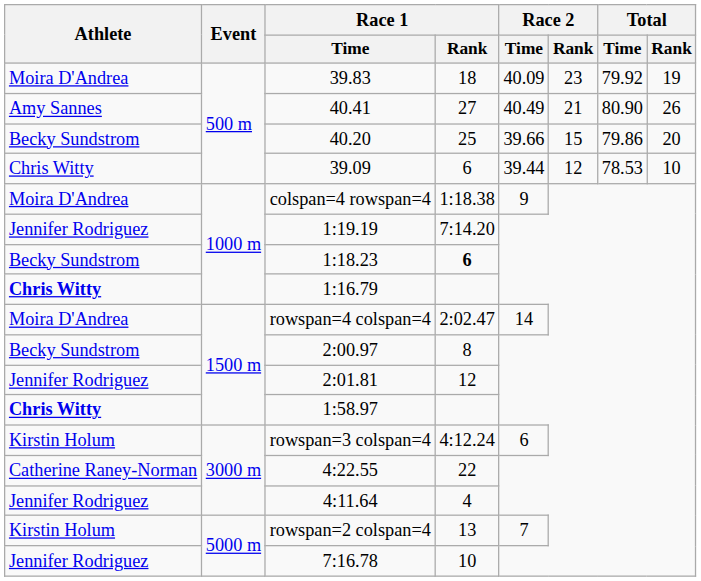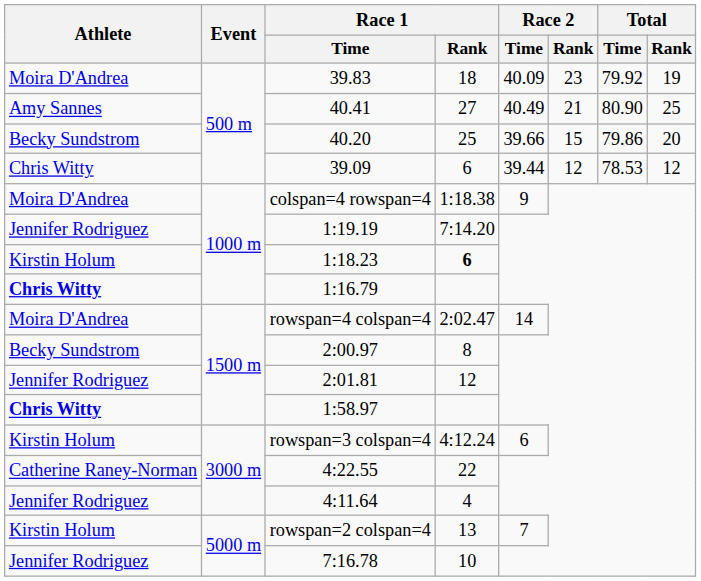 <table class=wikitable style=font-size:90%;text-align:center>
 <tr>
 <th rowspan=2>Athlete</th>
 <th rowspan=2>Event</th>
 <th colspan=2>Race 1</th>
 <th colspan=2>Race 2</th>
 <th colspan=2>Total</th>
 </tr>
 <tr style=font-size:95%>
 <th>Time</th>
 <th>Rank</th>
 <th>Time</th>
 <th>Rank</th>
 <th>Time</th>
 <th>Rank</th>
 </tr>
 <tr>
 <td align=left><a href='#'>Moira D'Andrea</a></td>
 <td rowspan=4 align=left><a href='#'>500 m</a></td>
 <td>39.83</td>
 <td>18</td>
 <td>40.09</td>
 <td>23</td>
 <td>79.92</td>
 <td>19</td>
 </tr>
 <tr>
 <td align=left><a href='#'>Amy Sannes</a></td>
 <td>40.41</td>
 <td>27</td>
 <td>40.49</td>
 <td>21</td>
 <td>80.90</td>
-<td>26</td>
+<td>25</td>
 </tr>
 <tr>
 <td align=left><a href='#'>Becky Sundstrom</a></td>
 <td>40.20</td>
 <td>25</td>
 <td>39.66</td>
 <td>15</td>
 <td>79.86</td>
 <td>20</td>
 </tr>
 <tr>
 <td align=left><a href='#'>Chris Witty</a></td>
 <td>39.09</td>
 <td>6</td>
 <td>39.44</td>
 <td>12</td>
 <td>78.53</td>
-<td>10</td>
+<td>12</td>
 </tr>
 <tr>
 <td align=left><a href='#'>Moira D'Andrea</a></td>
 <td align=left rowspan=4><a href='#'>1000 m</a></td>
 <td>colspan=4 rowspan=4 </td>
 <td>1:18.38</td>
 <td>9</td>
 </tr>
 <tr>
 <td align=left><a href='#'>Jennifer Rodriguez</a></td>
 <td>1:19.19</td>
 <td>7:14.20</td>
 </tr>
 <tr>
-<td align=left><a href='#'>Becky Sundstrom</a></td>
+<td align=left><a href='#'>Kirstin Holum</a></td>
 <td>1:18.23</td>
 <td><strong>6</strong></td>
 </tr>
 <tr>
 <td align=left><strong><a href='#'>Chris Witty</a></strong></td>
 <td>1:16.79</td>
 <td></td>
 </tr>
 <tr>
 <td align=left><a href='#'>Moira D'Andrea</a></td>
 <td align=left rowspan=4><a href='#'>1500 m</a></td>
 <td>rowspan=4 colspan=4 </td>
 <td>2:02.47</td>
 <td>14</td>
 </tr>
 <tr>
 <td align=left><a href='#'>Becky Sundstrom</a></td>
 <td>2:00.97</td>
 <td>8</td>
 </tr>
 <tr>
 <td align=left><a href='#'>Jennifer Rodriguez</a></td>
 <td>2:01.81</td>
 <td>12</td>
 </tr>
 <tr>
 <td align=left><strong><a href='#'>Chris Witty</a></strong></td>
 <td>1:58.97</td>
 <td></td>
 </tr>
 <tr>
 <td align=left><a href='#'>Kirstin Holum</a></td>
 <td align=left rowspan=3><a href='#'>3000 m</a></td>
 <td>rowspan=3 colspan=4 </td>
 <td>4:12.24</td>
 <td>6</td>
 </tr>
 <tr>
 <td align=left><a href='#'>Catherine Raney-Norman</a></td>
 <td>4:22.55</td>
 <td>22</td>
 </tr>
 <tr>
 <td align=left><a href='#'>Jennifer Rodriguez</a></td>
 <td>4:11.64</td>
 <td>4</td>
 </tr>
 <tr>
 <td align=left><a href='#'>Kirstin Holum</a></td>
 <td align=left rowspan=2><a href='#'>5000 m</a></td>
 <td>rowspan=2 colspan=4 </td>
 <td>13</td>
 <td>7</td>
 </tr>
 <tr>
 <td align=left><a href='#'>Jennifer Rodriguez</a></td>
 <td>7:16.78</td>
 <td>10</td>
 </tr>
 </table>
